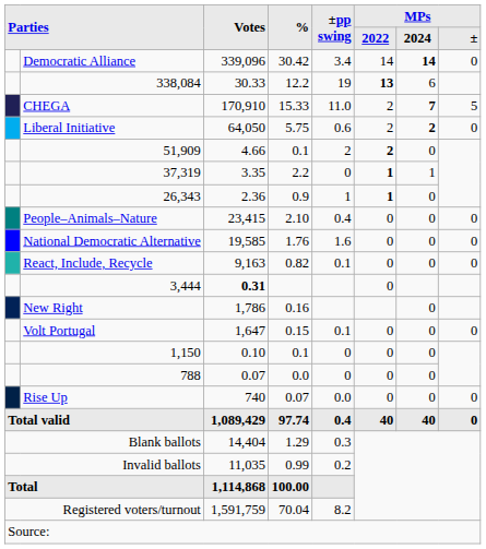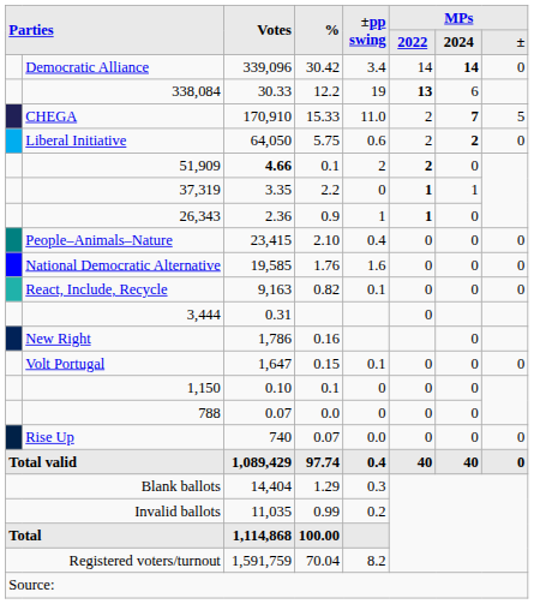 <table class="wikitable" style="text-align:right; font-size:95%;">
 <tr>
 <th rowspan="2" colspan="2" style="background:#e9e9e9; text-align:left;" alignleft><a href='#'>Parties</a></th>
 <th rowspan="2" style="background:#e9e9e9; text-align:right;">Votes</th>
 <th rowspan="2" style="background:#e9e9e9; text-align:right;">%</th>
 <th rowspan="2" style="background:#e9e9e9; text-align:right;">±<a href='#'>pp</a> <a href='#'>swing</a></th>
 <th colspan="3" style="background:#e9e9e9; text-align:center;"><a href='#'>MPs</a></th>
 </tr>
 <tr style="background-color:#E9E9E9">
 <th style="background-color:#E9E9E9;text-align:center;"><a href='#'>2022</a></th>
 <th style="background-color:#E9E9E9;text-align:center;">2024</th>
 <th style="background:#e9e9e9; text-align:right;">±</th>
 </tr>
 <tr>
 <td style="width: 10px"></td>
 <td align="left"><a href='#'>Democratic Alliance</a> </td>
 <td>339,096</td>
 <td>30.42</td>
 <td>3.4</td>
 <td>14</td>
 <td><strong>14</strong></td>
 <td>0</td>
 </tr>
 <tr>
 <td></td>
 <td>338,084</td>
 <td>30.33</td>
 <td>12.2</td>
 <td>19</td>
 <td><strong>13</strong></td>
 <td>6</td>
 </tr>
 <tr>
 <td style="width: 10px" bgcolor="#202056" align="center"></td>
 <td align="left"><a href='#'>CHEGA</a></td>
 <td>170,910</td>
 <td>15.33</td>
 <td>11.0</td>
 <td>2</td>
 <td><strong>7</strong></td>
 <td>5</td>
 </tr>
 <tr>
 <td style="width: 10px" bgcolor="#00ADEF" align="center"></td>
 <td align="left"><a href='#'>Liberal Initiative</a></td>
 <td>64,050</td>
 <td>5.75</td>
 <td>0.6</td>
 <td>2</td>
 <td><strong>2</strong></td>
 <td>0</td>
 </tr>
 <tr>
 <td></td>
 <td>51,909</td>
-<td>4.66</td>
+<td><strong>4.66</strong></td>
 <td>0.1</td>
 <td>2</td>
 <td><strong>2</strong></td>
 <td>0</td>
 </tr>
 <tr>
 <td></td>
 <td>37,319</td>
 <td>3.35</td>
 <td>2.2</td>
 <td>0</td>
 <td><strong>1</strong></td>
 <td>1</td>
 </tr>
 <tr>
 <td></td>
 <td>26,343</td>
 <td>2.36</td>
 <td>0.9</td>
 <td>1</td>
 <td><strong>1</strong></td>
 <td>0</td>
 </tr>
 <tr>
 <td style="width: 10px" bgcolor="teal" align="center"></td>
 <td align="left"><a href='#'>People–Animals–Nature</a></td>
 <td>23,415</td>
 <td>2.10</td>
 <td>0.4</td>
 <td>0</td>
 <td>0</td>
 <td>0</td>
 </tr>
 <tr>
 <td style="width: 10px" bgcolor="blue" align="center"></td>
 <td align="left"><a href='#'>National Democratic Alternative</a></td>
 <td>19,585</td>
 <td>1.76</td>
 <td>1.6</td>
 <td>0</td>
 <td>0</td>
 <td>0</td>
 </tr>
 <tr>
 <td style="width: 10px" bgcolor="LightSeaGreen" align="center"></td>
 <td align="left"><a href='#'>React, Include, Recycle</a></td>
 <td>9,163</td>
 <td>0.82</td>
 <td>0.1</td>
 <td>0</td>
 <td>0</td>
 <td>0</td>
 </tr>
 <tr>
 <td></td>
 <td>3,444</td>
-<td><strong>0.31</strong></td>
+<td>0.31</td>
 <td></td>
 <td></td>
 <td>0</td>
 <td></td>
 </tr>
 <tr>
 <td style="width: 10px" bgcolor="#012257" align="center"></td>
 <td align="left"><a href='#'>New Right</a></td>
 <td>1,786</td>
 <td>0.16</td>
 <td></td>
 <td></td>
 <td>0</td>
 <td></td>
 </tr>
 <tr>
 <td style="width: 10px"></td>
 <td align="left"><a href='#'>Volt Portugal</a></td>
 <td>1,647</td>
 <td>0.15</td>
 <td>0.1</td>
 <td>0</td>
 <td>0</td>
 <td>0</td>
 </tr>
 <tr>
 <td></td>
 <td>1,150</td>
 <td>0.10</td>
 <td>0.1</td>
 <td>0</td>
 <td>0</td>
 <td>0</td>
 </tr>
 <tr>
 <td></td>
 <td>788</td>
 <td>0.07</td>
 <td>0.0</td>
 <td>0</td>
 <td>0</td>
 <td>0</td>
 </tr>
 <tr>
 <td style="width: 10px" bgcolor="#002147" align="center"></td>
 <td align="left"><a href='#'>Rise Up</a></td>
 <td>740</td>
 <td>0.07</td>
 <td>0.0</td>
 <td>0</td>
 <td>0</td>
 <td>0</td>
 </tr>
 <tr>
 <td colspan=2 align=left style="background-color:#E9E9E9"><strong>Total valid</strong></td>
 <td width="65" align="right" style="background-color:#E9E9E9"><strong>1,089,429</strong></td>
 <td width="40" align="right" style="background-color:#E9E9E9"><strong>97.74</strong></td>
 <td width="40" align="right" style="background-color:#E9E9E9"><strong>0.4</strong></td>
 <td width="40" align="right" style="background-color:#E9E9E9"><strong>40</strong></td>
 <td width="40" align="right" style="background-color:#E9E9E9"><strong>40</strong></td>
 <td width="40" align="right" style="background-color:#E9E9E9"><strong>0</strong></td>
 </tr>
 <tr>
 <td colspan=2>Blank ballots</td>
 <td>14,404</td>
 <td>1.29</td>
 <td>0.3</td>
 <td colspan="3" rowspan="4"></td>
 </tr>
 <tr>
 <td colspan=2>Invalid ballots</td>
 <td>11,035</td>
 <td>0.99</td>
 <td>0.2</td>
 </tr>
 <tr>
 <td colspan=2 align=left style="background-color:#E9E9E9"><strong>Total</strong></td>
 <td width="50" align="right" style="background-color:#E9E9E9"><strong>1,114,868</strong></td>
 <td width="40" align="right" style="background-color:#E9E9E9"><strong>100.00</strong></td>
 <td width="40" align="right" style="background-color:#E9E9E9"></td>
 </tr>
 <tr>
 <td colspan=2>Registered voters/turnout</td>
 <td>1,591,759</td>
 <td>70.04</td>
 <td>8.2</td>
 </tr>
 <tr>
 <td colspan=8 align=left>Source: </td>
 </tr>
 </table>
